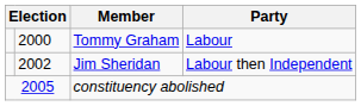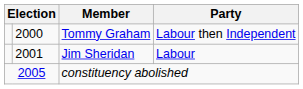 <table class="wikitable">
 <tr>
 <th colspan="2">Election</th>
 <th>Member</th>
 <th>Party</th>
 </tr>
 <tr>
 <td style="color:inherit;background-color: "></td>
 <td>2000</td>
 <td><a href='#'>Tommy Graham</a></td>
-<td><a href='#'>Labour</a></td>
+<td><a href='#'>Labour</a> then <a href='#'>Independent</a></td>
 </tr>
 <tr>
 <td style="color:inherit;background-color: "></td>
-<td>2002</td>
+<td>2001</td>
 <td><a href='#'>Jim Sheridan</a></td>
-<td><a href='#'>Labour</a> then <a href='#'>Independent</a></td>
+<td><a href='#'>Labour</a></td>
 </tr>
 <tr>
 <td colspan="2" align="center"><a href='#'>2005</a></td>
 <td colspan="2"><em>constituency abolished</em></td>
 </tr>
 </table>
